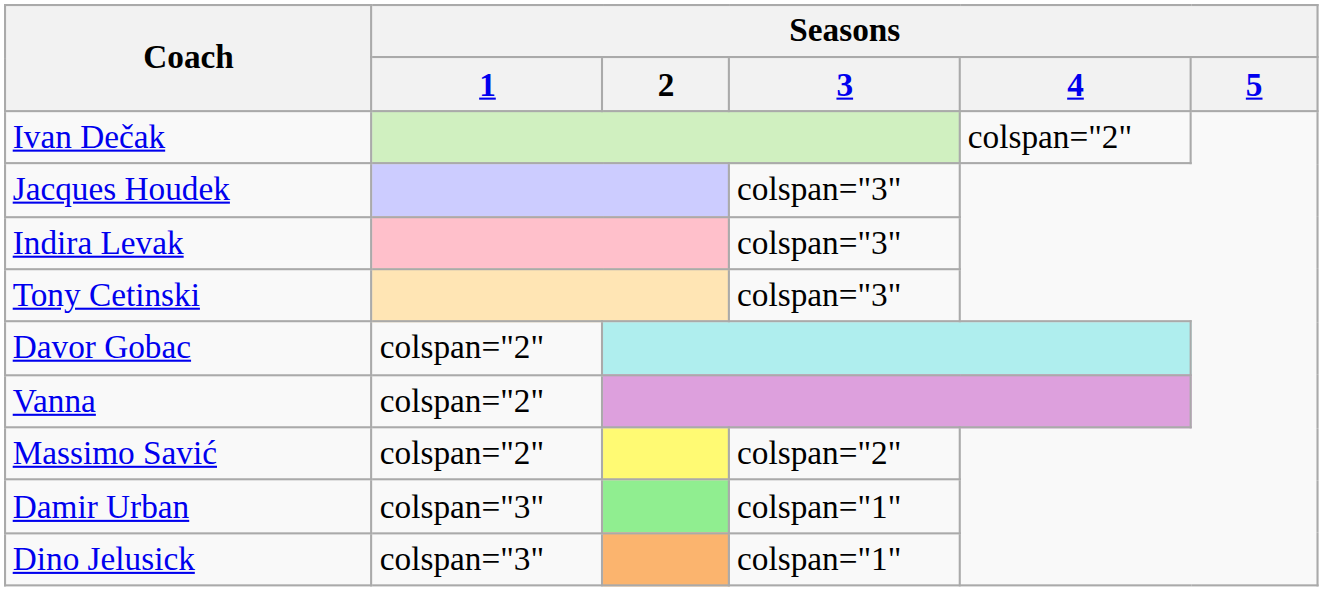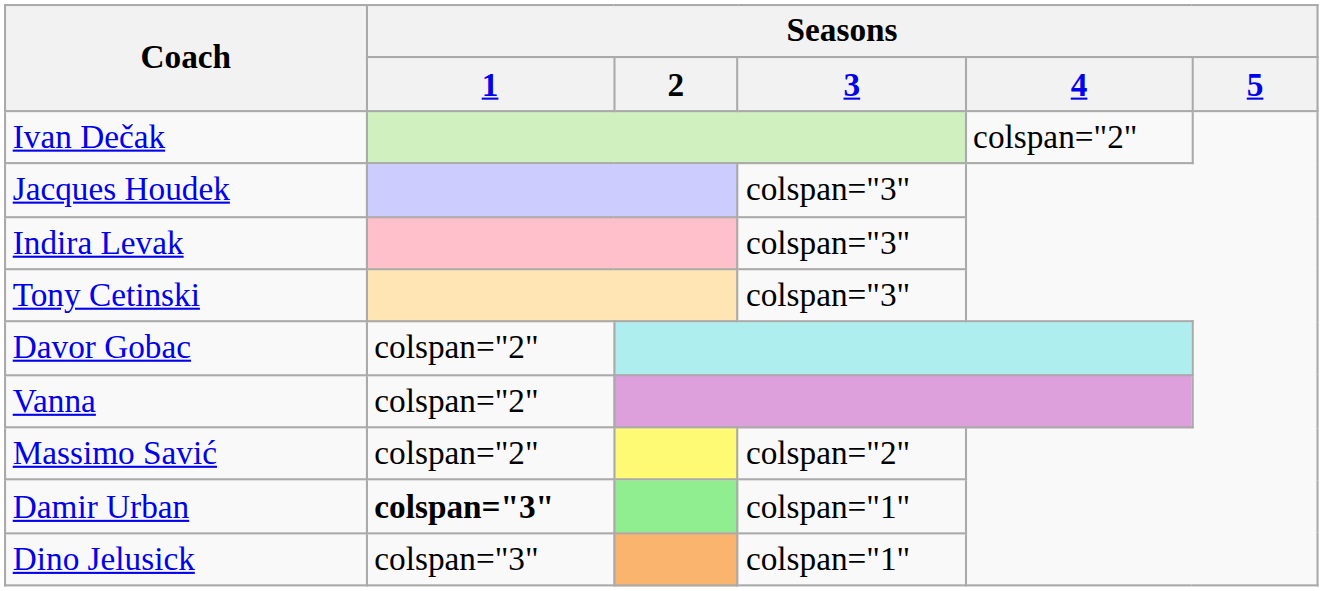 <table class="wikitable nowrap" width="50%">
 <tr>
 <th rowspan="2" width="130">Coach</th>
 <th colspan="6">Seasons</th>
 </tr>
 <tr>
 <th width="40"><a href='#'>1</a></th>
 <th width="40">2</th>
 <th width="40"><a href='#'>3</a></th>
 <th width="40"><a href='#'>4</a></th>
 <th width="40"><a href='#'>5</a></th>
 </tr>
 <tr>
 <td><a href='#'>Ivan Dečak</a></td>
 <td colspan="3" bgcolor="#d0f0c0"></td>
 <td>colspan="2" </td>
 </tr>
 <tr>
 <td><a href='#'>Jacques Houdek</a></td>
 <td colspan="2" bgcolor="#ccf"></td>
 <td>colspan="3" </td>
 </tr>
 <tr>
 <td><a href='#'>Indira Levak</a></td>
 <td colspan="2" bgcolor="pink"></td>
 <td>colspan="3" </td>
 </tr>
 <tr>
 <td><a href='#'>Tony Cetinski</a></td>
 <td colspan="2" bgcolor="#ffe5b4"></td>
 <td>colspan="3" </td>
 </tr>
 <tr>
 <td><a href='#'>Davor Gobac</a></td>
 <td>colspan="2" </td>
 <td colspan="3" bgcolor="#afeeee"></td>
 </tr>
 <tr>
 <td><a href='#'>Vanna</a></td>
 <td>colspan="2" </td>
 <td colspan="3" bgcolor="#dda0dd"></td>
 </tr>
 <tr>
 <td><a href='#'>Massimo Savić</a></td>
 <td>colspan="2" </td>
 <td colspan="1" bgcolor="#fffa73"></td>
 <td>colspan="2" </td>
 </tr>
 <tr>
 <td><a href='#'>Damir Urban</a></td>
-<td>colspan="3" </td>
+<td><strong>colspan="3" </strong></td>
 <td colspan="1" bgcolor="lightgreen"></td>
 <td>colspan="1" </td>
 </tr>
 <tr>
 <td><a href='#'>Dino Jelusick</a></td>
 <td>colspan="3" </td>
 <td colspan="1" bgcolor="#fbb46e"></td>
 <td>colspan="1" </td>
 </tr>
 </table>
